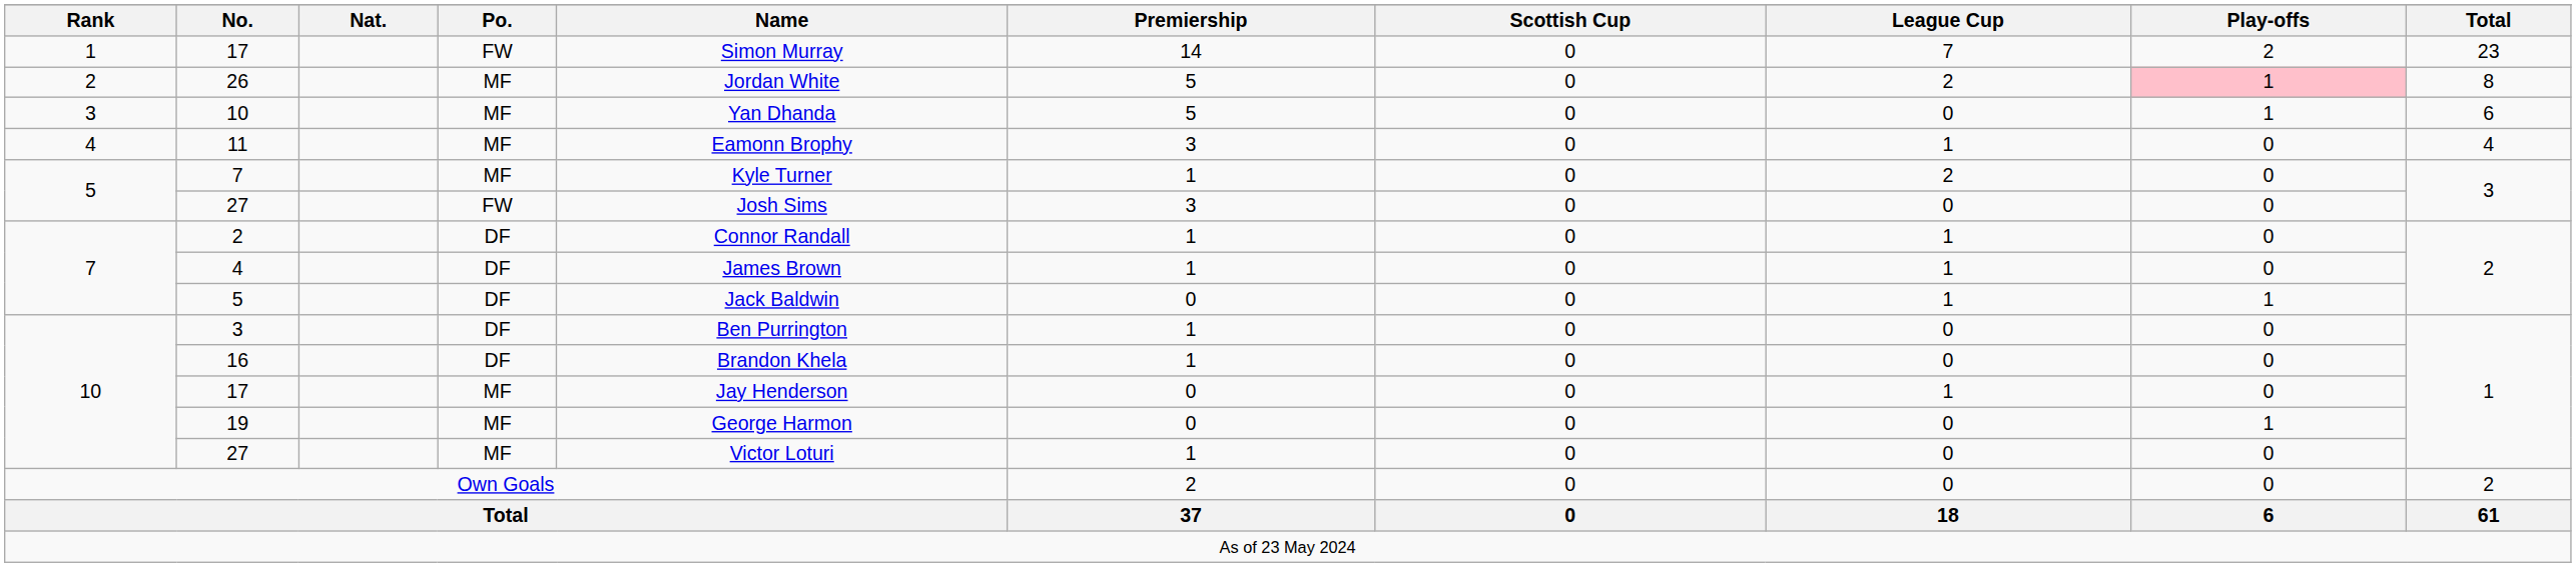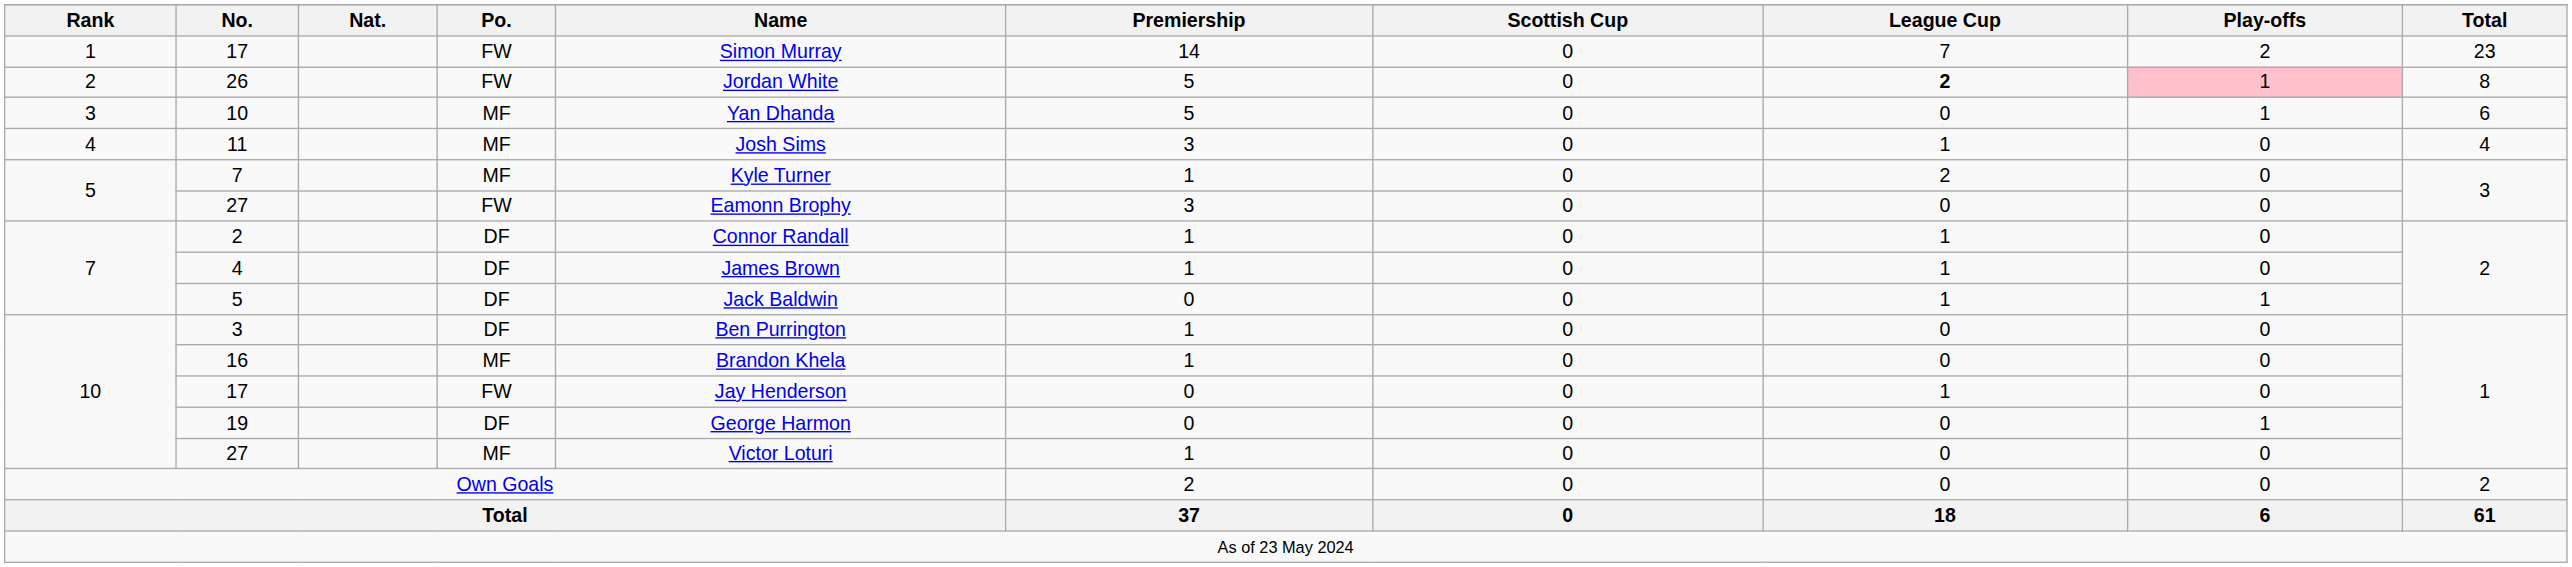 <table class="wikitable"  style="text-align:center; font-size:90%; width:95%;">
 <tr>
 </tr>
 <tr>
 <th>Rank</th>
 <th>No.</th>
 <th>Nat.</th>
 <th>Po.</th>
 <th>Name</th>
 <th>Premiership</th>
 <th>Scottish Cup</th>
 <th>League Cup</th>
 <th>Play-offs</th>
 <th>Total</th>
 </tr>
 <tr>
 <td>1</td>
 <td>17</td>
 <td></td>
 <td>FW</td>
 <td><a href='#'>Simon Murray</a></td>
 <td>14</td>
 <td>0</td>
 <td>7</td>
 <td>2</td>
 <td>23</td>
 </tr>
 <tr>
 <td>2</td>
 <td>26</td>
 <td></td>
-<td>MF</td>
+<td>FW</td>
 <td><a href='#'>Jordan White</a></td>
 <td>5</td>
 <td>0</td>
-<td>2</td>
+<td><strong>2</strong></td>
 <td style="background: pink;">1</td>
 <td>8</td>
 </tr>
 <tr>
 <td>3</td>
 <td>10</td>
 <td></td>
 <td>MF</td>
 <td><a href='#'>Yan Dhanda</a></td>
 <td>5</td>
 <td>0</td>
 <td>0</td>
 <td>1</td>
 <td>6</td>
 </tr>
 <tr>
 <td>4</td>
 <td>11</td>
 <td></td>
 <td>MF</td>
-<td><a href='#'>Eamonn Brophy</a></td>
+<td><a href='#'>Josh Sims</a></td>
 <td>3</td>
 <td>0</td>
 <td>1</td>
 <td>0</td>
 <td>4</td>
 </tr>
 <tr>
 <td rowspan=2>5</td>
 <td>7</td>
 <td></td>
 <td>MF</td>
 <td><a href='#'>Kyle Turner</a></td>
 <td>1</td>
 <td>0</td>
 <td>2</td>
 <td>0</td>
 <td rowspan=2>3</td>
 </tr>
 <tr>
 <td>27</td>
 <td></td>
 <td>FW</td>
-<td><a href='#'>Josh Sims</a></td>
+<td><a href='#'>Eamonn Brophy</a></td>
 <td>3</td>
 <td>0</td>
 <td>0</td>
 <td>0</td>
 </tr>
 <tr>
 <td rowspan=3>7</td>
 <td>2</td>
 <td></td>
 <td>DF</td>
 <td><a href='#'>Connor Randall</a></td>
 <td>1</td>
 <td>0</td>
 <td>1</td>
 <td>0</td>
 <td rowspan=3>2</td>
 </tr>
 <tr>
 <td>4</td>
 <td></td>
 <td>DF</td>
 <td><a href='#'>James Brown</a></td>
 <td>1</td>
 <td>0</td>
 <td>1</td>
 <td>0</td>
 </tr>
 <tr>
 <td>5</td>
 <td></td>
 <td>DF</td>
 <td><a href='#'>Jack Baldwin</a></td>
 <td>0</td>
 <td>0</td>
 <td>1</td>
 <td>1</td>
 </tr>
 <tr>
 <td rowspan=5>10</td>
 <td>3</td>
 <td></td>
 <td>DF</td>
 <td><a href='#'>Ben Purrington</a></td>
 <td>1</td>
 <td>0</td>
 <td>0</td>
 <td>0</td>
 <td rowspan=5>1</td>
 </tr>
 <tr>
 <td>16</td>
 <td></td>
-<td>DF</td>
+<td>MF</td>
 <td><a href='#'>Brandon Khela</a></td>
 <td>1</td>
 <td>0</td>
 <td>0</td>
 <td>0</td>
 </tr>
 <tr>
 <td>17</td>
 <td></td>
-<td>MF</td>
+<td>FW</td>
 <td><a href='#'>Jay Henderson</a></td>
 <td>0</td>
 <td>0</td>
 <td>1</td>
 <td>0</td>
 </tr>
 <tr>
 <td>19</td>
 <td></td>
-<td>MF</td>
+<td>DF</td>
 <td><a href='#'>George Harmon</a></td>
 <td>0</td>
 <td>0</td>
 <td>0</td>
 <td>1</td>
 </tr>
 <tr>
 <td>27</td>
 <td></td>
 <td>MF</td>
 <td><a href='#'>Victor Loturi</a></td>
 <td>1</td>
 <td>0</td>
 <td>0</td>
 <td>0</td>
 </tr>
 <tr>
 <td colspan="5"><a href='#'>Own Goals</a></td>
 <td>2</td>
 <td>0</td>
 <td>0</td>
 <td>0</td>
 <td>2</td>
 </tr>
 <tr>
 <th colspan="5" style="text-align:center;"><strong>Total</strong></th>
 <th><strong>37</strong></th>
 <th><strong>0</strong></th>
 <th><strong>18</strong></th>
 <th><strong>6</strong></th>
 <th><strong>61</strong></th>
 </tr>
 <tr>
 <td colspan="10"><small>As of 23 May 2024</small></td>
 </tr>
 </table>
